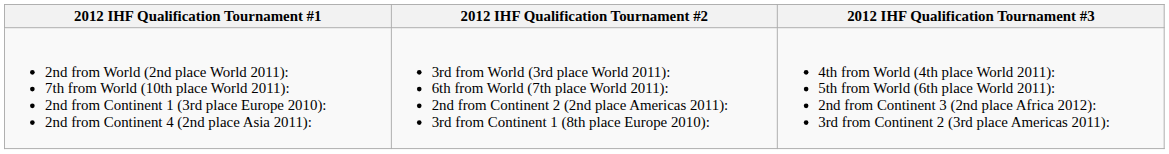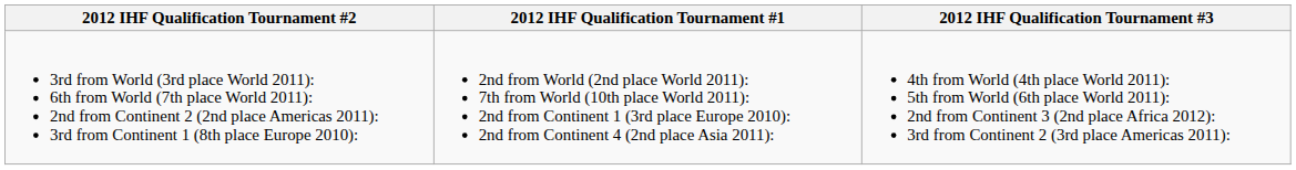 <table class="wikitable">
 <tr>
+<th width=470>2012 IHF Qualification Tournament #2</th>
 <th width=470>2012 IHF Qualification Tournament #1</th>
-<th width=470>2012 IHF Qualification Tournament #2</th>
 <th width=470>2012 IHF Qualification Tournament #3</th>
 </tr>
 <tr style="vertical-align: top;">
+<td><br><ul><li>3rd from World (3rd place World 2011): </li><li>6th from World (7th place World 2011): </li><li>2nd from Continent 2 (2nd place Americas 2011): </li><li>3rd from Continent 1 (8th place Europe 2010): </li></ul></td>
 <td><br><ul><li>2nd from World (2nd place World 2011): </li><li>7th from World (10th place World 2011): </li><li>2nd from Continent 1 (3rd place Europe 2010): </li><li>2nd from Continent 4 (2nd place Asia 2011): </li></ul></td>
-<td><br><ul><li>3rd from World (3rd place World 2011): </li><li>6th from World (7th place World 2011): </li><li>2nd from Continent 2 (2nd place Americas 2011): </li><li>3rd from Continent 1 (8th place Europe 2010): </li></ul></td>
 <td><br><ul><li>4th from World (4th place World 2011): </li><li>5th from World (6th place World 2011): </li><li>2nd from Continent 3 (2nd place Africa 2012): </li><li>3rd from Continent 2 (3rd place Americas 2011): </li></ul></td>
 </tr>
 </table>
